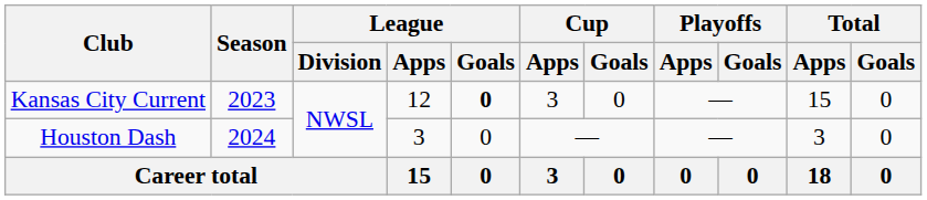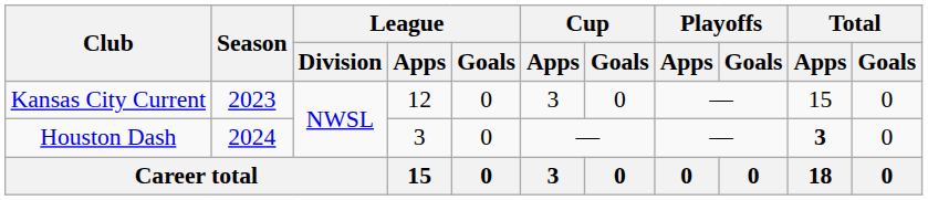 <table class="wikitable" style="text-align: center;">
 <tr>
 <th rowspan="2">Club</th>
 <th rowspan="2">Season</th>
 <th colspan="3">League</th>
 <th colspan="2">Cup</th>
 <th colspan="2">Playoffs</th>
 <th colspan="2">Total</th>
 </tr>
 <tr>
 <th>Division</th>
 <th>Apps</th>
 <th>Goals</th>
 <th>Apps</th>
 <th>Goals</th>
 <th>Apps</th>
 <th>Goals</th>
 <th>Apps</th>
 <th>Goals</th>
 </tr>
 <tr>
 <td><a href='#'>Kansas City Current</a></td>
 <td><a href='#'>2023</a></td>
 <td rowspan="2"><a href='#'>NWSL</a></td>
 <td>12</td>
-<td><strong>0</strong></td>
+<td>0</td>
 <td>3</td>
 <td>0</td>
 <td colspan="2">—</td>
 <td>15</td>
 <td>0</td>
 </tr>
 <tr>
 <td><a href='#'>Houston Dash</a></td>
 <td><a href='#'>2024</a></td>
 <td>3</td>
 <td>0</td>
 <td colspan="2">—</td>
 <td colspan="2">—</td>
-<td>3</td>
+<td><strong>3</strong></td>
 <td>0</td>
 </tr>
 <tr>
 <th colspan="3">Career total</th>
 <th>15</th>
 <th>0</th>
 <th>3</th>
 <th>0</th>
 <th>0</th>
 <th>0</th>
 <th>18</th>
 <th>0</th>
 </tr>
 </table>
